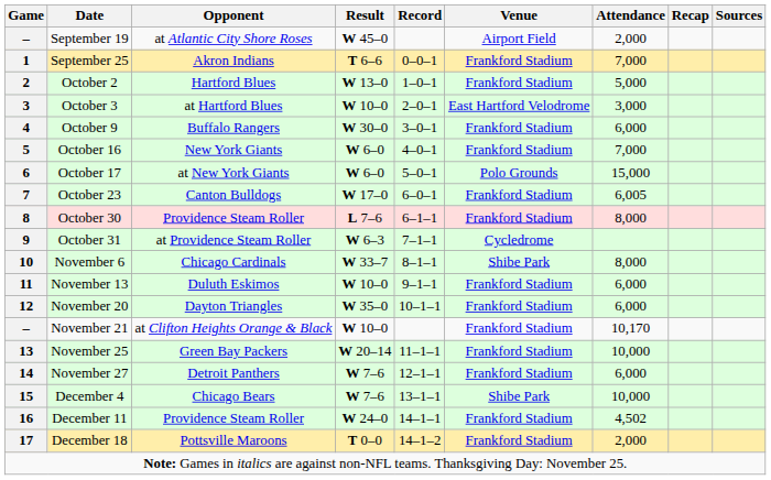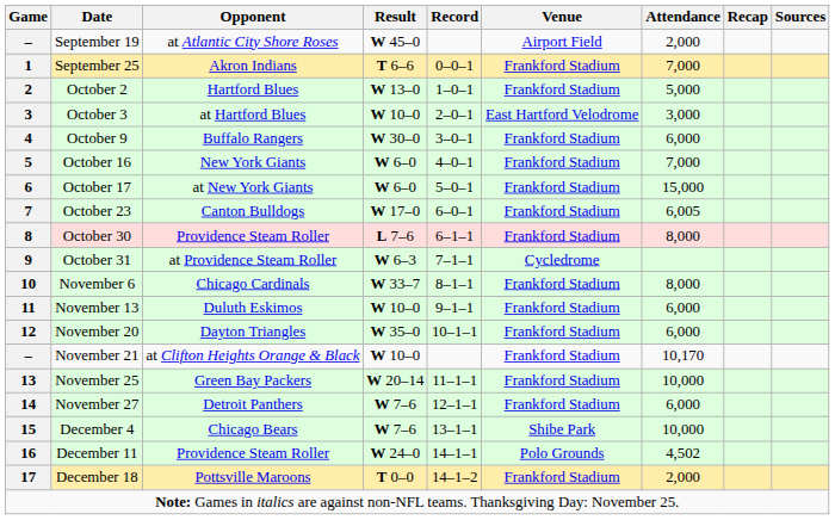 <table class="wikitable" style="text-align:center">
 <tr>
 <th>Game</th>
 <th>Date</th>
 <th>Opponent</th>
 <th>Result</th>
 <th>Record</th>
 <th>Venue</th>
 <th>Attendance</th>
 <th>Recap</th>
 <th>Sources</th>
 </tr>
 <tr>
 <th>–</th>
 <td>September 19</td>
 <td>at <em><a href='#'>Atlantic City Shore Roses</a></em></td>
 <td><strong>W</strong> 45–0</td>
 <td></td>
 <td><a href='#'>Airport Field</a></td>
 <td>2,000</td>
 <td></td>
 <td></td>
 </tr>
 <tr style="background: #ffeeaa;">
 <th>1</th>
 <td>September 25</td>
 <td><a href='#'>Akron Indians</a></td>
 <td><strong>T</strong> 6–6</td>
 <td>0–0–1</td>
 <td><a href='#'>Frankford Stadium</a></td>
 <td>7,000 </td>
 <td></td>
 <td></td>
 </tr>
 <tr style="background: #ddffdd;">
 <th>2</th>
 <td>October 2</td>
 <td><a href='#'>Hartford Blues</a></td>
 <td><strong>W</strong> 13–0</td>
 <td>1–0–1</td>
 <td><a href='#'>Frankford Stadium</a></td>
 <td>5,000 </td>
 <td></td>
 <td></td>
 </tr>
 <tr style="background: #ddffdd;">
 <th>3</th>
 <td>October 3</td>
 <td>at <a href='#'>Hartford Blues</a></td>
 <td><strong>W</strong> 10–0</td>
 <td>2–0–1</td>
 <td><a href='#'>East Hartford Velodrome</a></td>
 <td>3,000</td>
 <td></td>
 <td></td>
 </tr>
 <tr style="background: #ddffdd;">
 <th>4</th>
 <td>October 9</td>
 <td><a href='#'>Buffalo Rangers</a></td>
 <td><strong>W</strong> 30–0</td>
 <td>3–0–1</td>
 <td><a href='#'>Frankford Stadium</a></td>
 <td>6,000</td>
 <td></td>
 <td></td>
 </tr>
 <tr style="background: #ddffdd;">
 <th>5</th>
 <td>October 16</td>
 <td><a href='#'>New York Giants</a></td>
 <td><strong>W</strong> 6–0</td>
 <td>4–0–1</td>
 <td><a href='#'>Frankford Stadium</a></td>
 <td>7,000</td>
 <td></td>
 <td></td>
 </tr>
 <tr style="background: #ddffdd;">
 <th>6</th>
 <td>October 17</td>
 <td>at <a href='#'>New York Giants</a></td>
 <td><strong>W</strong> 6–0</td>
 <td>5–0–1</td>
-<td><a href='#'>Polo Grounds</a></td>
+<td><a href='#'>Frankford Stadium</a></td>
 <td>15,000</td>
 <td></td>
 <td></td>
 </tr>
 <tr style="background: #ddffdd;">
 <th>7</th>
 <td>October 23</td>
 <td><a href='#'>Canton Bulldogs</a></td>
 <td><strong>W</strong> 17–0</td>
 <td>6–0–1</td>
 <td><a href='#'>Frankford Stadium</a></td>
 <td>6,005</td>
 <td></td>
 <td></td>
 </tr>
 <tr style="background: #ffdddd;">
 <th>8</th>
 <td>October 30</td>
 <td><a href='#'>Providence Steam Roller</a></td>
 <td><strong>L</strong> 7–6</td>
 <td>6–1–1</td>
 <td><a href='#'>Frankford Stadium</a></td>
 <td>8,000</td>
 <td></td>
 <td></td>
 </tr>
 <tr style="background: #ddffdd;">
 <th>9</th>
 <td>October 31</td>
 <td>at <a href='#'>Providence Steam Roller</a></td>
 <td><strong>W</strong> 6–3</td>
 <td>7–1–1</td>
 <td><a href='#'>Cycledrome</a></td>
 <td></td>
 <td></td>
 <td></td>
 </tr>
 <tr style="background: #ddffdd;">
 <th>10</th>
 <td>November 6</td>
 <td><a href='#'>Chicago Cardinals</a></td>
 <td><strong>W</strong> 33–7</td>
 <td>8–1–1</td>
-<td><a href='#'>Shibe Park</a></td>
+<td><a href='#'>Frankford Stadium</a></td>
 <td>8,000</td>
 <td></td>
 <td></td>
 </tr>
 <tr style="background: #ddffdd;">
 <th>11</th>
 <td>November 13</td>
 <td><a href='#'>Duluth Eskimos</a></td>
 <td><strong>W</strong> 10–0</td>
 <td>9–1–1</td>
 <td><a href='#'>Frankford Stadium</a></td>
 <td>6,000</td>
 <td></td>
 <td></td>
 </tr>
 <tr style="background: #ddffdd;">
 <th>12</th>
 <td>November 20</td>
 <td><a href='#'>Dayton Triangles</a></td>
 <td><strong>W</strong> 35–0</td>
 <td>10–1–1</td>
 <td><a href='#'>Frankford Stadium</a></td>
 <td>6,000</td>
 <td></td>
 <td></td>
 </tr>
 <tr>
 <th>–</th>
 <td>November 21</td>
 <td>at <em><a href='#'>Clifton Heights Orange & Black</a></em></td>
 <td><strong>W</strong> 10–0</td>
 <td></td>
 <td><a href='#'>Frankford Stadium</a></td>
 <td>10,170</td>
 <td></td>
 <td></td>
 </tr>
 <tr style="background: #ddffdd;">
 <th>13</th>
 <td>November 25</td>
 <td><a href='#'>Green Bay Packers</a></td>
 <td><strong>W</strong> 20–14</td>
 <td>11–1–1</td>
 <td><a href='#'>Frankford Stadium</a></td>
 <td>10,000</td>
 <td></td>
 <td></td>
 </tr>
 <tr style="background: #ddffdd;">
 <th>14</th>
 <td>November 27</td>
 <td><a href='#'>Detroit Panthers</a></td>
 <td><strong>W</strong> 7–6</td>
 <td>12–1–1</td>
 <td><a href='#'>Frankford Stadium</a></td>
 <td>6,000</td>
 <td></td>
 <td></td>
 </tr>
 <tr style="background: #ddffdd;">
 <th>15</th>
 <td>December 4</td>
 <td><a href='#'>Chicago Bears</a></td>
 <td><strong>W</strong> 7–6</td>
 <td>13–1–1</td>
 <td><a href='#'>Shibe Park</a></td>
 <td>10,000</td>
 <td></td>
 <td></td>
 </tr>
 <tr style="background: #ddffdd;">
 <th>16</th>
 <td>December 11</td>
 <td><a href='#'>Providence Steam Roller</a></td>
 <td><strong>W</strong> 24–0</td>
 <td>14–1–1</td>
-<td><a href='#'>Frankford Stadium</a></td>
+<td><a href='#'>Polo Grounds</a></td>
 <td>4,502</td>
 <td></td>
 <td></td>
 </tr>
 <tr style="background: #ffeeaa;">
 <th>17</th>
 <td>December 18</td>
 <td><a href='#'>Pottsville Maroons</a></td>
 <td><strong>T</strong> 0–0</td>
 <td>14–1–2</td>
 <td><a href='#'>Frankford Stadium</a></td>
 <td>2,000</td>
 <td></td>
 <td></td>
 </tr>
 <tr>
 <td colspan="10"><strong>Note:</strong> Games in <em>italics</em> are against non-NFL teams. Thanksgiving Day: November 25.</td>
 </tr>
 </table>
